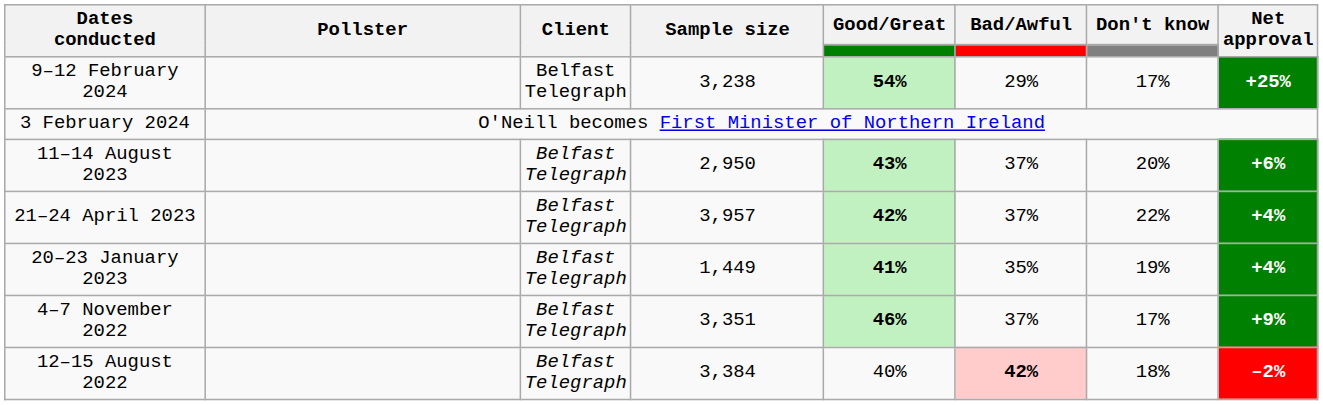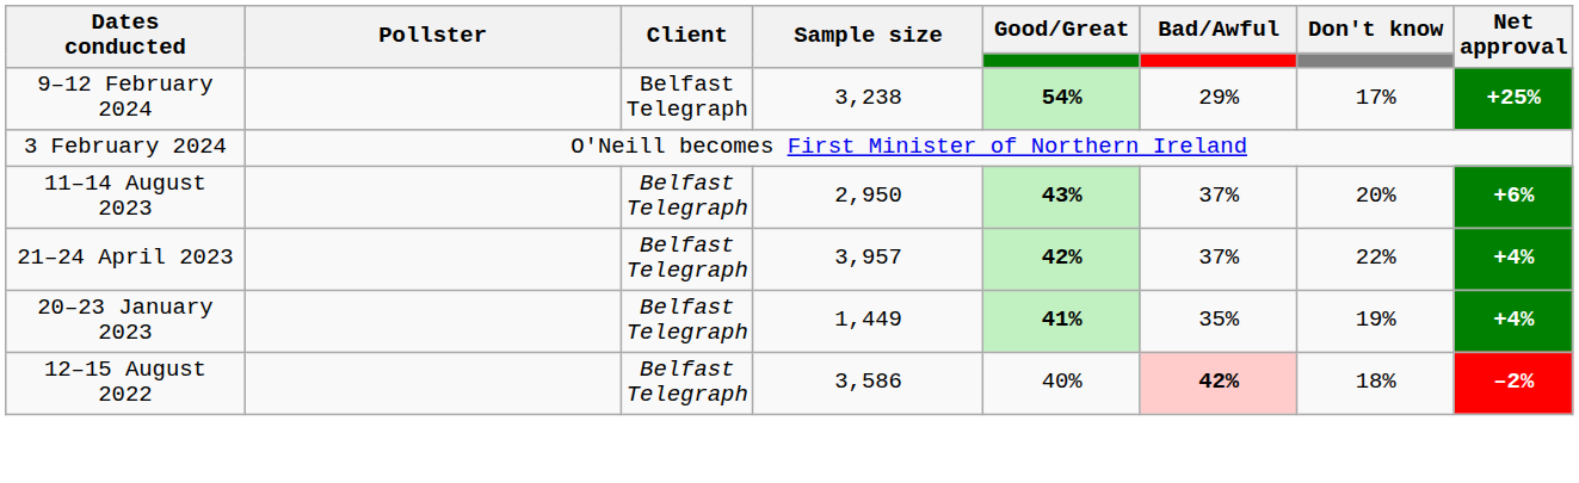 <table class="wikitable collapsible sortable mw-datatable" style="text-align:center;font-size:95%;line-height:14px;">
 <tr>
 <th style="width:125px;" rowspan="2">Dates<br>conducted</th>
 <th style="width:200px;" rowspan="2">Pollster</th>
 <th style="width:60px;" rowspan="2">Client</th>
 <th style="width:120px;" rowspan="2">Sample size</th>
 <th class="unsortable" style="width:80px;">Good/Great</th>
 <th class="unsortable" style="width: 80px;">Bad/Awful</th>
 <th class="unsortable" style="width:80px;">Don't know</th>
 <th class="unsortable" style="width:20px;" rowspan="2">Net approval</th>
 </tr>
 <tr>
 <th class="unsortable" style="background:green;width:60px;"></th>
 <th class="unsortable" style="background:red;width:60px;"></th>
 <th class="unsortable" style="background:grey;width:60px;"></th>
 </tr>
 <tr>
 <td>9–12 February 2024</td>
 <td></td>
 <td>Belfast Telegraph</td>
 <td>3,238</td>
 <td style="background:#C1F0C1"><strong>54%</strong></td>
 <td>29%</td>
 <td>17%</td>
 <td style="background:green;color:white"><strong>+25%</strong></td>
 </tr>
 <tr>
 <td>3 February 2024</td>
 <td colspan="7">O'Neill becomes <a href='#'>First Minister of Northern Ireland</a></td>
 </tr>
 <tr>
 <td>11–14 August 2023</td>
 <td></td>
 <td><em>Belfast Telegraph</em></td>
 <td>2,950</td>
 <td style="background:#C1F0C1"><strong>43%</strong></td>
 <td>37%</td>
 <td>20%</td>
 <td style="background:green;color:white"><strong>+6%</strong></td>
 </tr>
 <tr>
 <td>21–24 April 2023</td>
 <td></td>
 <td><em>Belfast Telegraph</em></td>
 <td>3,957</td>
 <td style="background:#C1F0C1"><strong>42%</strong></td>
 <td>37%</td>
 <td>22%</td>
 <td style="background:green;color:white"><strong>+4%</strong></td>
 </tr>
 <tr>
 <td>20–23 January 2023</td>
 <td></td>
 <td><em>Belfast Telegraph</em></td>
 <td>1,449</td>
 <td style="background:#C1F0C1"><strong>41%</strong></td>
 <td>35%</td>
 <td>19%</td>
 <td style="background:green;color:white"><strong>+4%</strong></td>
 </tr>
 <tr>
-<td>4–7 November 2022</td>
-<td></td>
-<td><em>Belfast Telegraph</em></td>
-<td>3,351</td>
-<td style="background:#C1F0C1"><strong>46%</strong></td>
-<td>37%</td>
-<td>17%</td>
-<td style="background:green;color:white"><strong>+9%</strong></td>
-</tr>
-<tr>
 <td>12–15 August 2022</td>
 <td></td>
 <td><em>Belfast Telegraph</em></td>
-<td>3,384</td>
+<td>3,586</td>
 <td>40%</td>
 <td style="background:#ffcccb"><strong>42%</strong></td>
 <td>18%</td>
 <td style="background:red;color:white"><strong>–2%</strong></td>
 </tr>
 </table>
